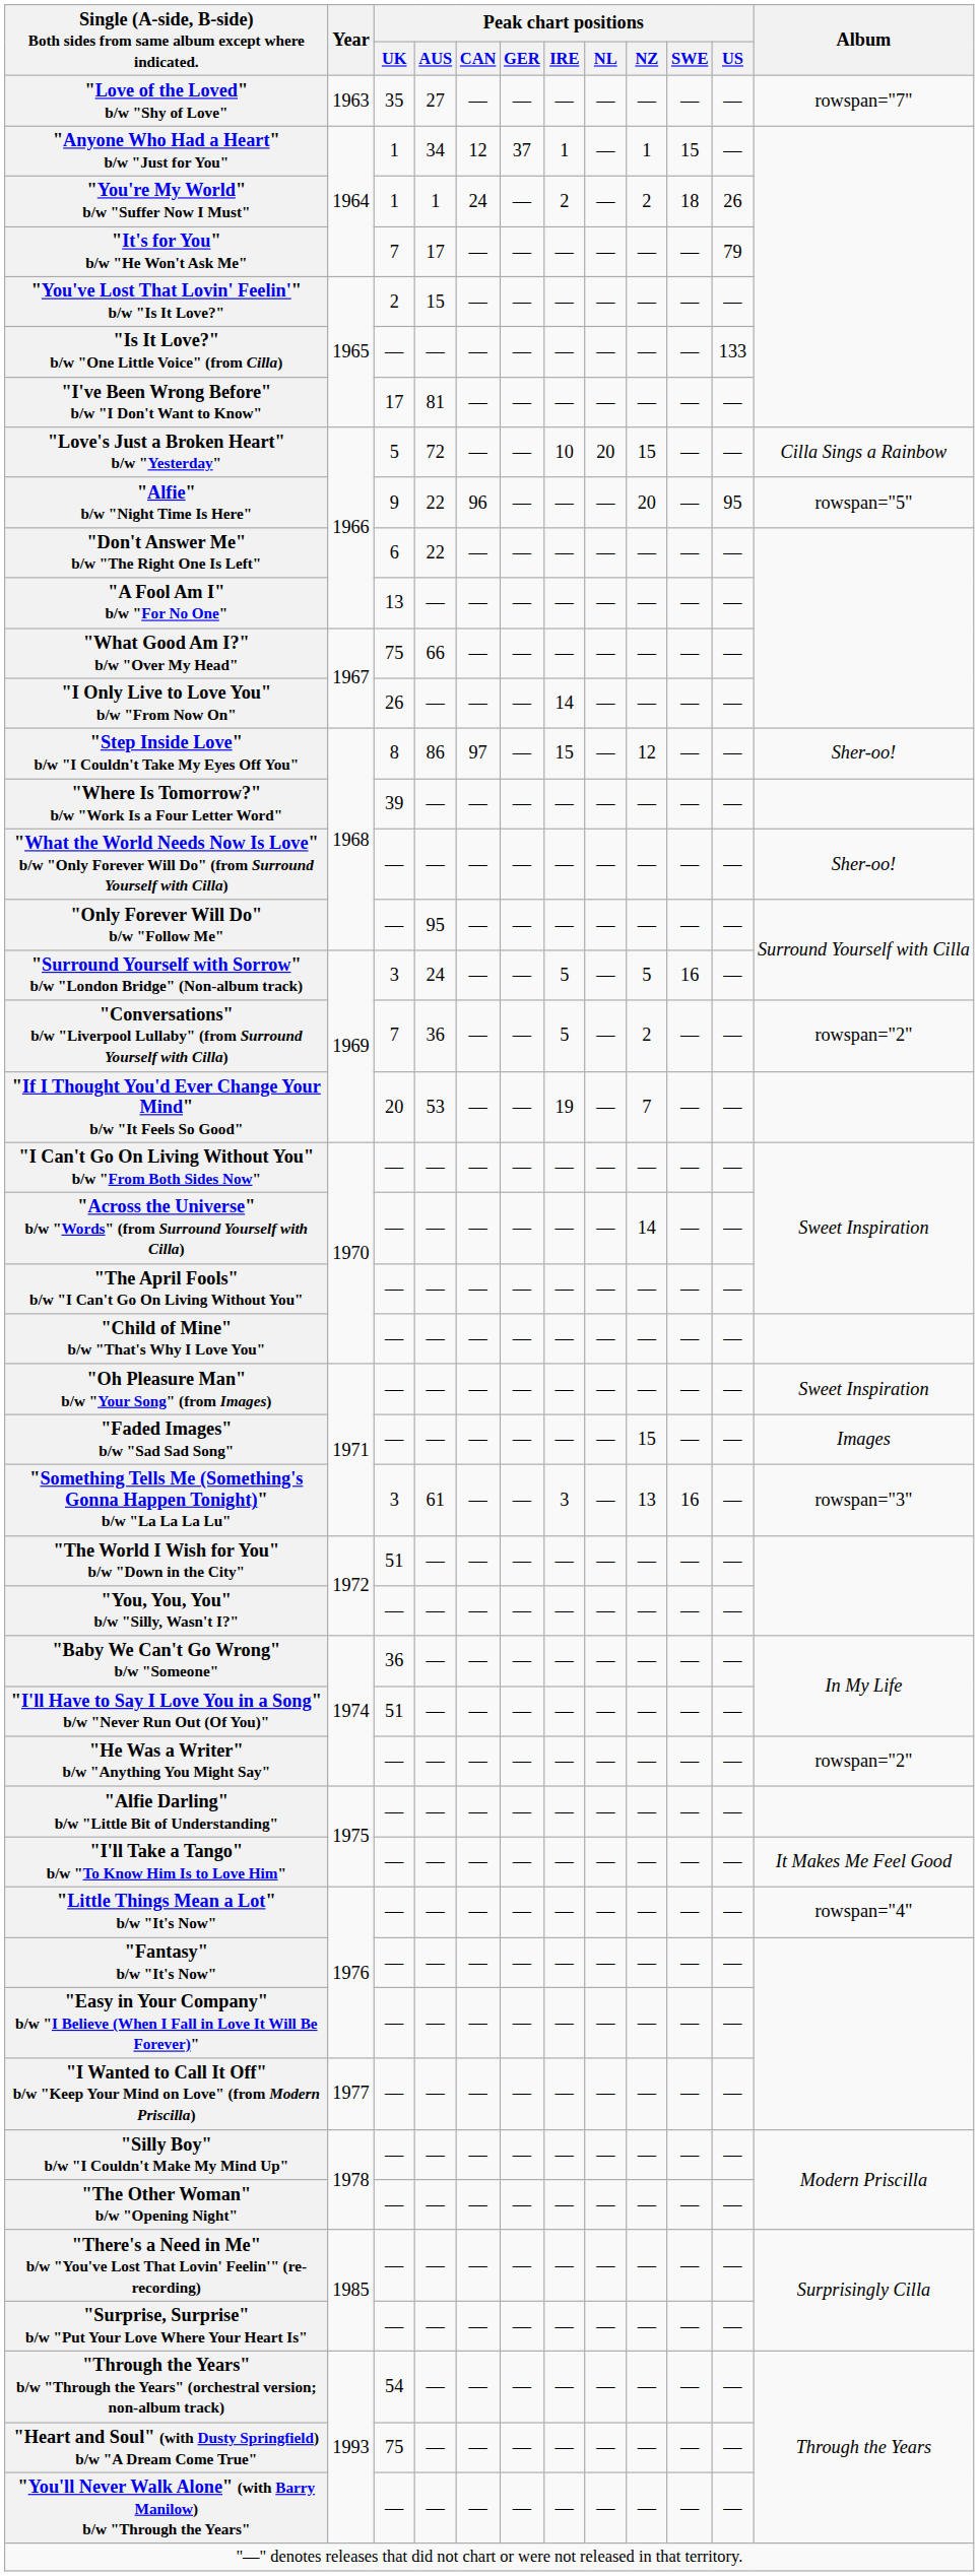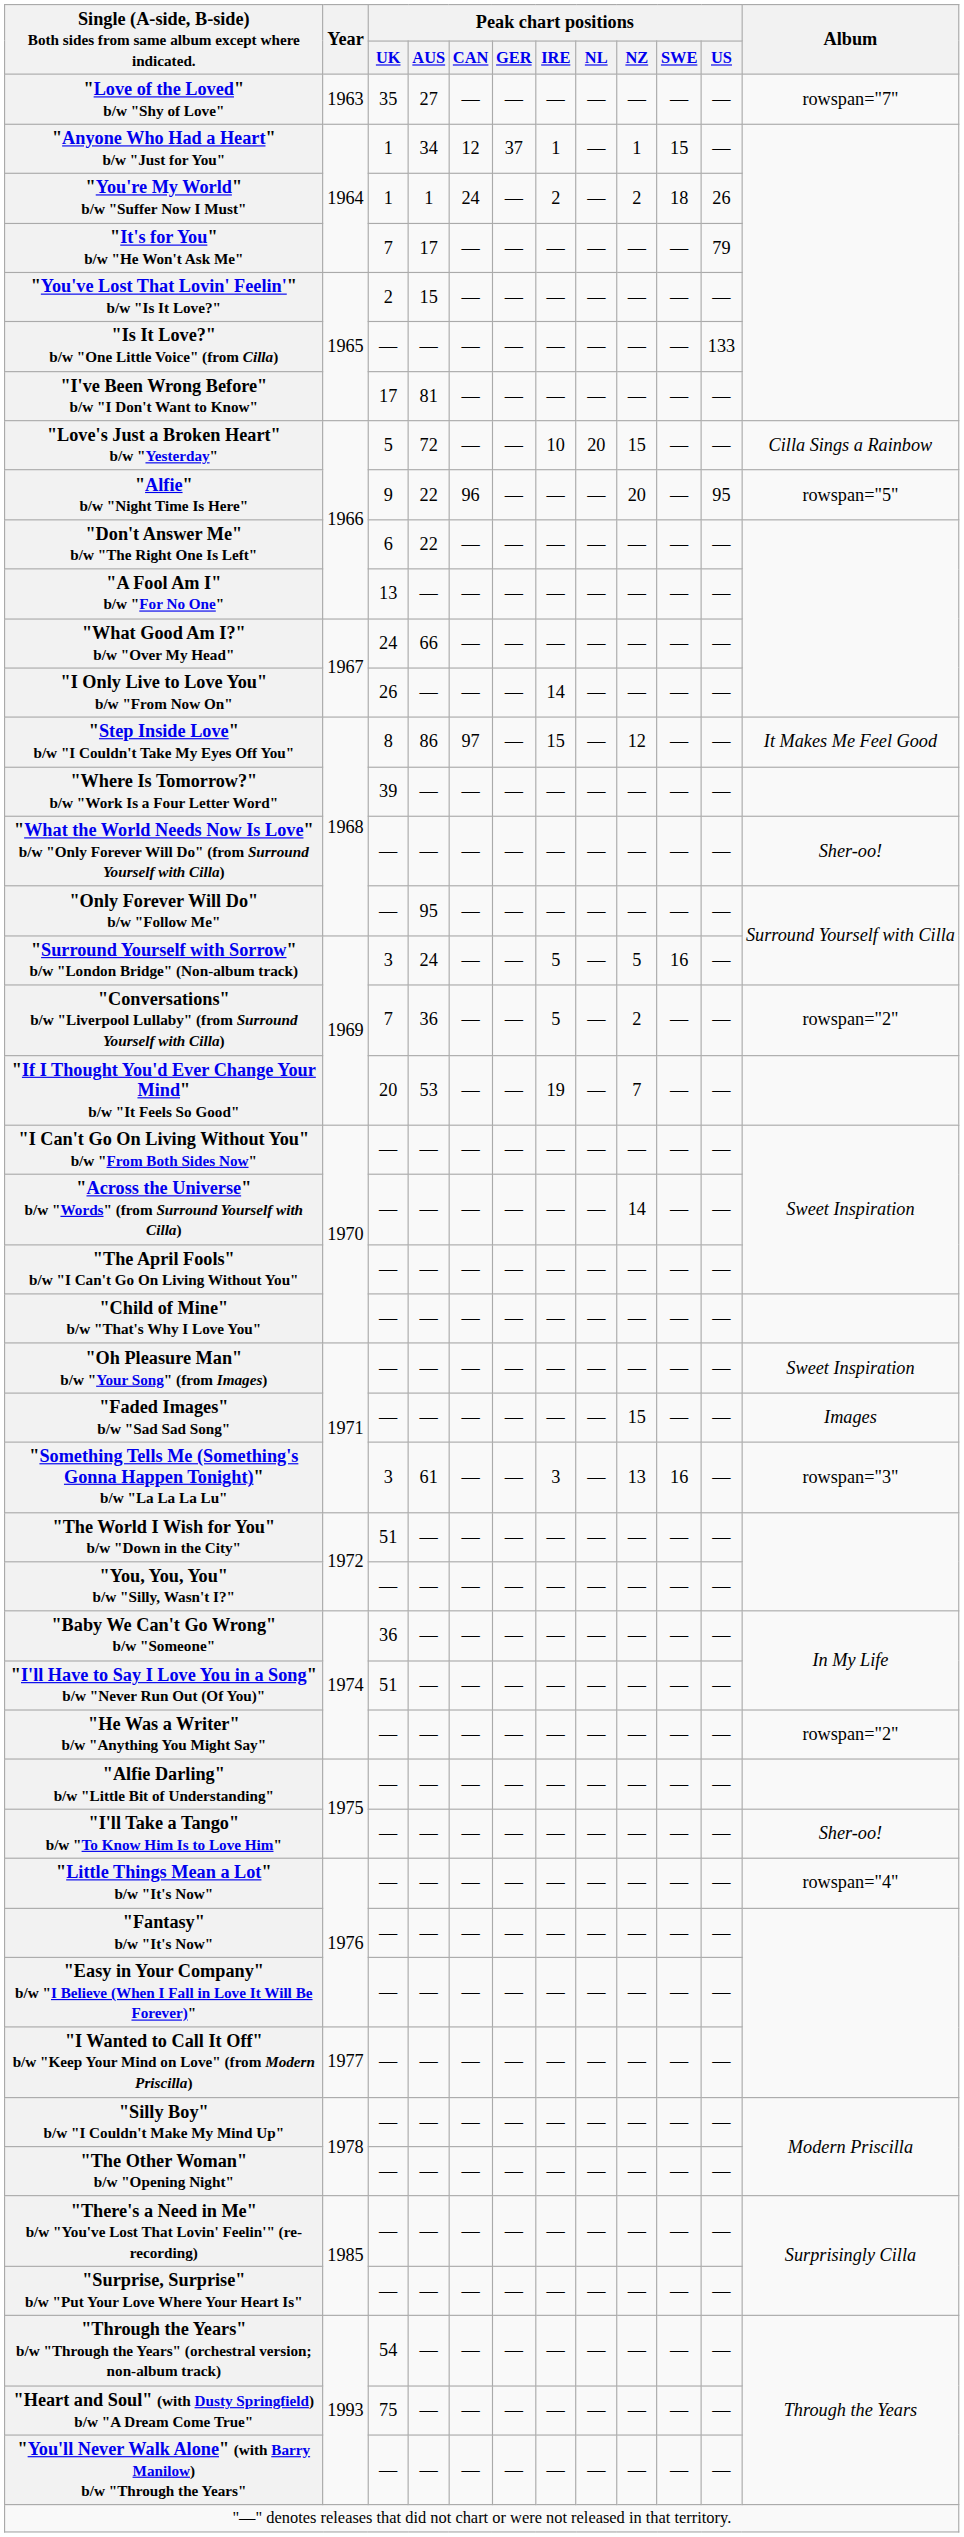 <table class="wikitable plainrowheaders" style="text-align:center;">
 <tr>
 <th rowspan="2" scope="col" style="width:17em;">Single (A-side, B-side) <br><small>Both sides from same album except where indicated.</small></th>
 <th rowspan="2" scope="col" style="width:2em;">Year</th>
 <th colspan="9">Peak chart positions</th>
 <th rowspan="2">Album</th>
 </tr>
 <tr>
 <th scope="col" style="width:2em;font-size:90%;"><a href='#'>UK</a><br></th>
 <th scope="col" style="width:2em;font-size:90%;"><a href='#'>AUS</a><br></th>
 <th scope="col" style="width:2em;font-size:90%;"><a href='#'>CAN</a><br></th>
 <th scope="col" style="width:2em;font-size:90%;"><a href='#'>GER</a><br></th>
 <th scope="col" style="width:2em;font-size:90%;"><a href='#'>IRE</a><br></th>
 <th scope="col" style="width:2em;font-size:90%;"><a href='#'>NL</a><br></th>
 <th scope="col" style="width:2em;font-size:90%;"><a href='#'>NZ</a><br></th>
 <th scope="col" style="width:2em;font-size:90%;"><a href='#'>SWE</a><br></th>
 <th scope="col" style="width:2em;font-size:90%;"><a href='#'>US</a><br></th>
 </tr>
 <tr>
 <th scope="row">"<a href='#'>Love of the Loved</a>"<br><small>b/w "Shy of Love"</small></th>
 <td>1963</td>
 <td>35</td>
 <td>27</td>
 <td>—</td>
 <td>—</td>
 <td>—</td>
 <td>—</td>
 <td>—</td>
 <td>—</td>
 <td>—</td>
 <td>rowspan="7" </td>
 </tr>
 <tr>
 <th scope="row">"<a href='#'>Anyone Who Had a Heart</a>"<br><small>b/w "Just for You"</small></th>
 <td rowspan="3">1964</td>
 <td>1</td>
 <td>34</td>
 <td>12</td>
 <td>37</td>
 <td>1</td>
 <td>—</td>
 <td>1</td>
 <td>15</td>
 <td>—</td>
 </tr>
 <tr>
 <th scope="row">"<a href='#'>You're My World</a>"<br><small>b/w "Suffer Now I Must"</small></th>
 <td>1</td>
 <td>1</td>
 <td>24</td>
 <td>—</td>
 <td>2</td>
 <td>—</td>
 <td>2</td>
 <td>18</td>
 <td>26</td>
 </tr>
 <tr>
 <th scope="row">"<a href='#'>It's for You</a>"<br><small>b/w "He Won't Ask Me"</small></th>
 <td>7</td>
 <td>17</td>
 <td>—</td>
 <td>—</td>
 <td>—</td>
 <td>—</td>
 <td>—</td>
 <td>—</td>
 <td>79</td>
 </tr>
 <tr>
 <th scope="row">"<a href='#'>You've Lost That Lovin' Feelin'</a>"<br><small>b/w "Is It Love?"</small></th>
 <td rowspan="3">1965</td>
 <td>2</td>
 <td>15</td>
 <td>—</td>
 <td>—</td>
 <td>—</td>
 <td>—</td>
 <td>—</td>
 <td>—</td>
 <td>—</td>
 </tr>
 <tr>
 <th scope="row">"Is It Love?" <br><small>b/w "One Little Voice" (from <em>Cilla</em>)</small></th>
 <td>—</td>
 <td>—</td>
 <td>—</td>
 <td>—</td>
 <td>—</td>
 <td>—</td>
 <td>—</td>
 <td>—</td>
 <td>133</td>
 </tr>
 <tr>
 <th scope="row">"I've Been Wrong Before"<br><small>b/w "I Don't Want to Know"</small></th>
 <td>17</td>
 <td>81</td>
 <td>—</td>
 <td>—</td>
 <td>—</td>
 <td>—</td>
 <td>—</td>
 <td>—</td>
 <td>—</td>
 </tr>
 <tr>
 <th scope="row">"Love's Just a Broken Heart"<br><small>b/w "<a href='#'>Yesterday</a>"</small></th>
 <td rowspan="4">1966</td>
 <td>5</td>
 <td>72</td>
 <td>—</td>
 <td>—</td>
 <td>10</td>
 <td>20</td>
 <td>15</td>
 <td>—</td>
 <td>—</td>
 <td><em>Cilla Sings a Rainbow</em></td>
 </tr>
 <tr>
 <th scope="row">"<a href='#'>Alfie</a>"<br><small>b/w "Night Time Is Here"</small></th>
 <td>9</td>
 <td>22</td>
 <td>96</td>
 <td>—</td>
 <td>—</td>
 <td>—</td>
 <td>20</td>
 <td>—</td>
 <td>95</td>
 <td>rowspan="5" </td>
 </tr>
 <tr>
 <th scope="row">"Don't Answer Me"<br><small>b/w "The Right One Is Left"</small></th>
 <td>6</td>
 <td>22</td>
 <td>—</td>
 <td>—</td>
 <td>—</td>
 <td>—</td>
 <td>—</td>
 <td>—</td>
 <td>—</td>
 </tr>
 <tr>
 <th scope="row">"A Fool Am I"<br><small>b/w "<a href='#'>For No One</a>"</small></th>
 <td>13</td>
 <td>—</td>
 <td>—</td>
 <td>—</td>
 <td>—</td>
 <td>—</td>
 <td>—</td>
 <td>—</td>
 <td>—</td>
 </tr>
 <tr>
 <th scope="row">"What Good Am I?"<br><small>b/w "Over My Head"</small></th>
 <td rowspan="2">1967</td>
-<td>75</td>
+<td>24</td>
 <td>66</td>
 <td>—</td>
 <td>—</td>
 <td>—</td>
 <td>—</td>
 <td>—</td>
 <td>—</td>
 <td>—</td>
 </tr>
 <tr>
 <th scope="row">"I Only Live to Love You"<br><small>b/w "From Now On"</small></th>
 <td>26</td>
 <td>—</td>
 <td>—</td>
 <td>—</td>
 <td>14</td>
 <td>—</td>
 <td>—</td>
 <td>—</td>
 <td>—</td>
 </tr>
 <tr>
 <th scope="row">"<a href='#'>Step Inside Love</a>"<br><small>b/w "I Couldn't Take My Eyes Off You"</small></th>
 <td rowspan="4">1968</td>
 <td>8</td>
 <td>86</td>
 <td>97</td>
 <td>—</td>
 <td>15</td>
 <td>—</td>
 <td>12</td>
 <td>—</td>
 <td>—</td>
-<td><em>Sher-oo!</em></td>
+<td><em>It Makes Me Feel Good</em></td>
 </tr>
 <tr>
 <th scope="row">"Where Is Tomorrow?"<br><small>b/w "Work Is a Four Letter Word"</small></th>
 <td>39</td>
 <td>—</td>
 <td>—</td>
 <td>—</td>
 <td>—</td>
 <td>—</td>
 <td>—</td>
 <td>—</td>
 <td>—</td>
 <td></td>
 </tr>
 <tr>
 <th scope="row">"<a href='#'>What the World Needs Now Is Love</a>" <br><small>b/w "Only Forever Will Do" (from <em>Surround Yourself with Cilla</em>)</small></th>
 <td>—</td>
 <td>—</td>
 <td>—</td>
 <td>—</td>
 <td>—</td>
 <td>—</td>
 <td>—</td>
 <td>—</td>
 <td>—</td>
 <td><em>Sher-oo!</em></td>
 </tr>
 <tr>
 <th scope="row">"Only Forever Will Do" <br><small>b/w "Follow Me"</small></th>
 <td>—</td>
 <td>95</td>
 <td>—</td>
 <td>—</td>
 <td>—</td>
 <td>—</td>
 <td>—</td>
 <td>—</td>
 <td>—</td>
 <td rowspan="2"><em>Surround Yourself with Cilla</em></td>
 </tr>
 <tr>
 <th scope="row">"<a href='#'>Surround Yourself with Sorrow</a>"<br><small>b/w "London Bridge" (Non-album track)</small></th>
 <td rowspan="3">1969</td>
 <td>3</td>
 <td>24</td>
 <td>—</td>
 <td>—</td>
 <td>5</td>
 <td>—</td>
 <td>5</td>
 <td>16</td>
 <td>—</td>
 </tr>
 <tr>
 <th scope="row">"Conversations"<br><small>b/w "Liverpool Lullaby" (from <em>Surround Yourself with Cilla</em>)</small></th>
 <td>7</td>
 <td>36</td>
 <td>—</td>
 <td>—</td>
 <td>5</td>
 <td>—</td>
 <td>2</td>
 <td>—</td>
 <td>—</td>
 <td>rowspan="2" </td>
 </tr>
 <tr>
 <th scope="row">"<a href='#'>If I Thought You'd Ever Change Your Mind</a>"<br><small>b/w "It Feels So Good"</small></th>
 <td>20</td>
 <td>53</td>
 <td>—</td>
 <td>—</td>
 <td>19</td>
 <td>—</td>
 <td>7</td>
 <td>—</td>
 <td>—</td>
 </tr>
 <tr>
 <th scope="row">"I Can't Go On Living Without You" <br><small>b/w "<a href='#'>From Both Sides Now</a>"</small></th>
 <td rowspan="4">1970</td>
 <td>—</td>
 <td>—</td>
 <td>—</td>
 <td>—</td>
 <td>—</td>
 <td>—</td>
 <td>—</td>
 <td>—</td>
 <td>—</td>
 <td rowspan="3"><em>Sweet Inspiration</em></td>
 </tr>
 <tr>
 <th scope="row">"<a href='#'>Across the Universe</a>" <br><small>b/w "<a href='#'>Words</a>" (from <em>Surround Yourself with Cilla</em>)</small></th>
 <td>—</td>
 <td>—</td>
 <td>—</td>
 <td>—</td>
 <td>—</td>
 <td>—</td>
 <td>14</td>
 <td>—</td>
 <td>—</td>
 </tr>
 <tr>
 <th scope="row">"The April Fools" <br><small>b/w "I Can't Go On Living Without You"</small></th>
 <td>—</td>
 <td>—</td>
 <td>—</td>
 <td>—</td>
 <td>—</td>
 <td>—</td>
 <td>—</td>
 <td>—</td>
 <td>—</td>
 </tr>
 <tr>
 <th scope="row">"Child of Mine"<br><small>b/w "That's Why I Love You"</small></th>
 <td>—</td>
 <td>—</td>
 <td>—</td>
 <td>—</td>
 <td>—</td>
 <td>—</td>
 <td>—</td>
 <td>—</td>
 <td>—</td>
 <td></td>
 </tr>
 <tr>
 <th scope="row">"Oh Pleasure Man" <br><small>b/w "<a href='#'>Your Song</a>" (from <em>Images</em>)</small></th>
 <td rowspan="3">1971</td>
 <td>—</td>
 <td>—</td>
 <td>—</td>
 <td>—</td>
 <td>—</td>
 <td>—</td>
 <td>—</td>
 <td>—</td>
 <td>—</td>
 <td><em>Sweet Inspiration</em></td>
 </tr>
 <tr>
 <th scope="row">"Faded Images" <br><small>b/w "Sad Sad Song"</small></th>
 <td>—</td>
 <td>—</td>
 <td>—</td>
 <td>—</td>
 <td>—</td>
 <td>—</td>
 <td>15</td>
 <td>—</td>
 <td>—</td>
 <td><em>Images</em></td>
 </tr>
 <tr>
 <th scope="row">"<a href='#'>Something Tells Me (Something's Gonna Happen Tonight)</a>"<br><small>b/w "La La La Lu"</small></th>
 <td>3</td>
 <td>61</td>
 <td>—</td>
 <td>—</td>
 <td>3</td>
 <td>—</td>
 <td>13</td>
 <td>16</td>
 <td>—</td>
 <td>rowspan="3" </td>
 </tr>
 <tr>
 <th scope="row">"The World I Wish for You"<br><small>b/w "Down in the City"</small></th>
 <td rowspan="2">1972</td>
 <td>51</td>
 <td>—</td>
 <td>—</td>
 <td>—</td>
 <td>—</td>
 <td>—</td>
 <td>—</td>
 <td>—</td>
 <td>—</td>
 </tr>
 <tr>
 <th scope="row">"You, You, You"<br><small>b/w "Silly, Wasn't I?"</small></th>
 <td>—</td>
 <td>—</td>
 <td>—</td>
 <td>—</td>
 <td>—</td>
 <td>—</td>
 <td>—</td>
 <td>—</td>
 <td>—</td>
 </tr>
 <tr>
 <th scope="row">"Baby We Can't Go Wrong"<br><small>b/w "Someone"</small></th>
 <td rowspan="3">1974</td>
 <td>36</td>
 <td>—</td>
 <td>—</td>
 <td>—</td>
 <td>—</td>
 <td>—</td>
 <td>—</td>
 <td>—</td>
 <td>—</td>
 <td rowspan="2"><em>In My Life</em></td>
 </tr>
 <tr>
 <th scope="row">"<a href='#'>I'll Have to Say I Love You in a Song</a>"<br><small>b/w "Never Run Out (Of You)"</small></th>
 <td>51</td>
 <td>—</td>
 <td>—</td>
 <td>—</td>
 <td>—</td>
 <td>—</td>
 <td>—</td>
 <td>—</td>
 <td>—</td>
 </tr>
 <tr>
 <th scope="row">"He Was a Writer"<br><small>b/w "Anything You Might Say"</small></th>
 <td>—</td>
 <td>—</td>
 <td>—</td>
 <td>—</td>
 <td>—</td>
 <td>—</td>
 <td>—</td>
 <td>—</td>
 <td>—</td>
 <td>rowspan="2" </td>
 </tr>
 <tr>
 <th scope="row">"Alfie Darling"<br><small>b/w "Little Bit of Understanding"</small></th>
 <td rowspan="2">1975</td>
 <td>—</td>
 <td>—</td>
 <td>—</td>
 <td>—</td>
 <td>—</td>
 <td>—</td>
 <td>—</td>
 <td>—</td>
 <td>—</td>
 </tr>
 <tr>
 <th scope="row">"I'll Take a Tango"<br><small>b/w "<a href='#'>To Know Him Is to Love Him</a>"</small></th>
 <td>—</td>
 <td>—</td>
 <td>—</td>
 <td>—</td>
 <td>—</td>
 <td>—</td>
 <td>—</td>
 <td>—</td>
 <td>—</td>
-<td><em>It Makes Me Feel Good</em></td>
+<td><em>Sher-oo!</em></td>
 </tr>
 <tr>
 <th scope="row">"<a href='#'>Little Things Mean a Lot</a>"<br><small>b/w "It's Now"</small></th>
 <td rowspan="3">1976</td>
 <td>—</td>
 <td>—</td>
 <td>—</td>
 <td>—</td>
 <td>—</td>
 <td>—</td>
 <td>—</td>
 <td>—</td>
 <td>—</td>
 <td>rowspan="4" </td>
 </tr>
 <tr>
 <th scope="row">"Fantasy" <br><small>b/w "It's Now"</small></th>
 <td>—</td>
 <td>—</td>
 <td>—</td>
 <td>—</td>
 <td>—</td>
 <td>—</td>
 <td>—</td>
 <td>—</td>
 <td>—</td>
 </tr>
 <tr>
 <th scope="row">"Easy in Your Company"<br><small>b/w "<a href='#'>I Believe (When I Fall in Love It Will Be Forever)</a>"</small></th>
 <td>—</td>
 <td>—</td>
 <td>—</td>
 <td>—</td>
 <td>—</td>
 <td>—</td>
 <td>—</td>
 <td>—</td>
 <td>—</td>
 </tr>
 <tr>
 <th scope="row">"I Wanted to Call It Off"<br><small>b/w "Keep Your Mind on Love" (from <em>Modern Priscilla</em>)</small></th>
 <td>1977</td>
 <td>—</td>
 <td>—</td>
 <td>—</td>
 <td>—</td>
 <td>—</td>
 <td>—</td>
 <td>—</td>
 <td>—</td>
 <td>—</td>
 </tr>
 <tr>
 <th scope="row">"Silly Boy"<br><small>b/w "I Couldn't Make My Mind Up"</small></th>
 <td rowspan="2">1978</td>
 <td>—</td>
 <td>—</td>
 <td>—</td>
 <td>—</td>
 <td>—</td>
 <td>—</td>
 <td>—</td>
 <td>—</td>
 <td>—</td>
 <td rowspan="2"><em>Modern Priscilla</em></td>
 </tr>
 <tr>
 <th scope="row">"The Other Woman"<br><small>b/w "Opening Night"</small></th>
 <td>—</td>
 <td>—</td>
 <td>—</td>
 <td>—</td>
 <td>—</td>
 <td>—</td>
 <td>—</td>
 <td>—</td>
 <td>—</td>
 </tr>
 <tr>
 <th scope="row">"There's a Need in Me"<br><small>b/w "You've Lost That Lovin' Feelin'" (re-recording)</small></th>
 <td rowspan="2">1985</td>
 <td>—</td>
 <td>—</td>
 <td>—</td>
 <td>—</td>
 <td>—</td>
 <td>—</td>
 <td>—</td>
 <td>—</td>
 <td>—</td>
 <td rowspan="2"><em>Surprisingly Cilla</em></td>
 </tr>
 <tr>
 <th scope="row">"Surprise, Surprise"<br><small>b/w "Put Your Love Where Your Heart Is"</small></th>
 <td>—</td>
 <td>—</td>
 <td>—</td>
 <td>—</td>
 <td>—</td>
 <td>—</td>
 <td>—</td>
 <td>—</td>
 <td>—</td>
 </tr>
 <tr>
 <th scope="row">"Through the Years"<br><small>b/w "Through the Years" (orchestral version; non-album track)</small></th>
 <td rowspan="3">1993</td>
 <td>54</td>
 <td>—</td>
 <td>—</td>
 <td>—</td>
 <td>—</td>
 <td>—</td>
 <td>—</td>
 <td>—</td>
 <td>—</td>
 <td rowspan="3"><em>Through the Years</em></td>
 </tr>
 <tr>
 <th scope="row">"Heart and Soul" <small>(with <a href='#'>Dusty Springfield</a>)</small><br><small>b/w "A Dream Come True"</small></th>
 <td>75</td>
 <td>—</td>
 <td>—</td>
 <td>—</td>
 <td>—</td>
 <td>—</td>
 <td>—</td>
 <td>—</td>
 <td>—</td>
 </tr>
 <tr>
 <th scope="row">"<a href='#'>You'll Never Walk Alone</a>" <small>(with <a href='#'>Barry Manilow</a>)</small><br><small>b/w "Through the Years"</small></th>
 <td>—</td>
 <td>—</td>
 <td>—</td>
 <td>—</td>
 <td>—</td>
 <td>—</td>
 <td>—</td>
 <td>—</td>
 <td>—</td>
 </tr>
 <tr>
 <td colspan="12" style="font-size:90%">"—" denotes releases that did not chart or were not released in that territory.</td>
 </tr>
 </table>
